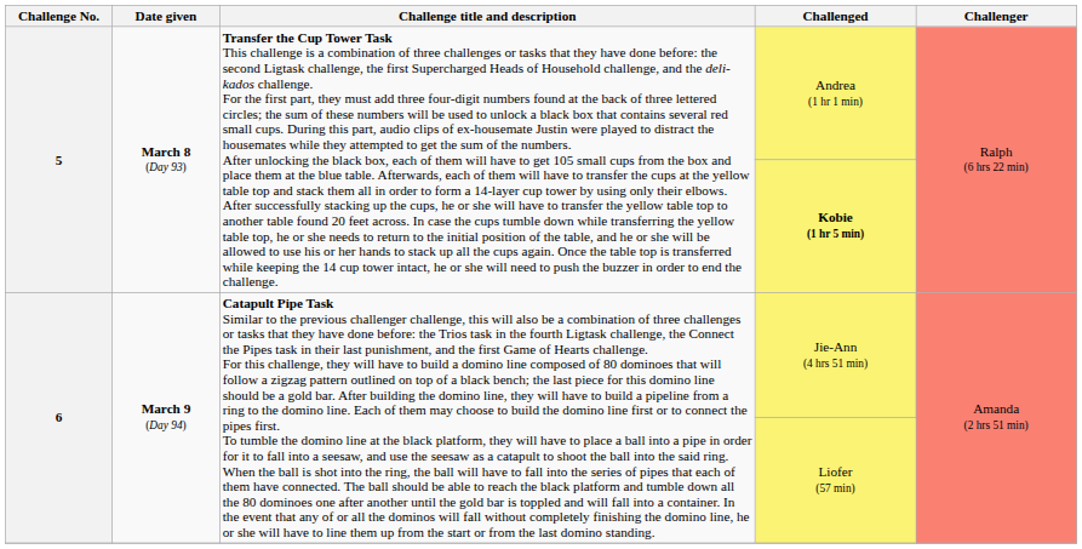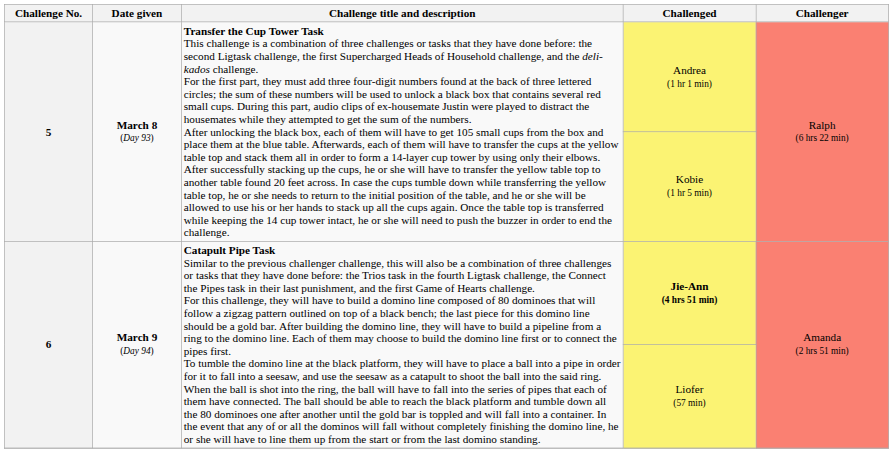 <table class="wikitable" style="text-align:center; font-size:100%; line-height:18px;" width="100%">
 <tr>
 <th style="width: 10%;">Challenge No.</th>
 <th style="width: 10%;">Date given</th>
 <th style="width: 50%;">Challenge title and description</th>
 <th style="width: 15%;">Challenged</th>
 <th style="width: 15%;">Challenger</th>
 </tr>
 <tr>
 <th rowspan="2">5</th>
 <td rowspan="2"><strong>March 8</strong><br><small>(<em>Day 93</em>)</small></td>
 <td rowspan="2" align="left"><strong>Transfer the Cup Tower Task</strong><br>This challenge is a combination of three challenges or tasks that they have done before: the second Ligtask challenge, the first Supercharged Heads of Household challenge, and the <em>deli-kados</em> challenge.<br>For the first part, they must add three four-digit numbers found at the back of three lettered circles; the sum of these numbers will be used to unlock a black box that contains several red small cups. During this part, audio clips of ex-housemate Justin were played to distract the housemates while they attempted to get the sum of the numbers.<br>After unlocking the black box, each of them will have to get 105 small cups from the box and place them at the blue table. Afterwards, each of them will have to transfer the cups at the yellow table top and stack them all in order to form a 14-layer cup tower by using only their elbows. After successfully stacking up the cups, he or she will have to transfer the yellow table top to another table found 20 feet across. In case the cups tumble down while transferring the yellow table top, he or she needs to return to the initial position of the table, and he or she will be allowed to use his or her hands to stack up all the cups again. Once the table top is transferred while keeping the 14 cup tower intact, he or she will need to push the buzzer in order to end the challenge.</td>
 <td style="background:#FBF373;">Andrea<br><small>(1 hr 1 min)</small></td>
 <td rowspan="2" style="background:#FA8072;">Ralph<br><small>(6 hrs 22 min)</small></td>
 </tr>
 <tr>
-<td style="background:#FBF373;"><strong>Kobie<br><small>(1 hr 5 min)</small></strong></td>
+<td style="background:#FBF373;">Kobie<br><small>(1 hr 5 min)</small></td>
 </tr>
 <tr ->
 <th rowspan="2">6</th>
 <td rowspan="2"><strong>March 9</strong><br><small>(<em>Day 94</em>)</small></td>
 <td rowspan="2" align="left"><strong>Catapult Pipe Task</strong><br>Similar to the previous challenger challenge, this will also be a combination of three challenges or tasks that they have done before: the Trios task in the fourth Ligtask challenge, the Connect the Pipes task in their last punishment, and the first Game of Hearts challenge.<br>For this challenge, they will have to build a domino line composed of 80 dominoes that will follow a zigzag pattern outlined on top of a black bench; the last piece for this domino line should be a gold bar. After building the domino line, they will have to build a pipeline from a ring to the domino line. Each of them may choose to build the domino line first or to connect the pipes first.<br>To tumble the domino line at the black platform, they will have to place a ball into a pipe in order for it to fall into a seesaw, and use the seesaw as a catapult to shoot the ball into the said ring. When the ball is shot into the ring, the ball will have to fall into the series of pipes that each of them have connected. The ball should be able to reach the black platform and tumble down all the 80 dominoes one after another until the gold bar is toppled and will fall into a container. In the event that any of or all the dominos will fall without completely finishing the domino line, he or she will have to line them up from the start or from the last domino standing.</td>
-<td style="background:#FBF373;">Jie-Ann<br><small>(4 hrs 51 min)</small></td>
+<td style="background:#FBF373;"><strong>Jie-Ann<br><small>(4 hrs 51 min)</small></strong></td>
 <td rowspan="2" style="background:#FA8072;">Amanda<br><small>(2 hrs 51 min)</small></td>
 </tr>
 <tr>
 <td style="background:#FBF373;">Liofer<br><small>(57 min)</small></td>
 </tr>
 <tr>
 </tr>
 </table>
